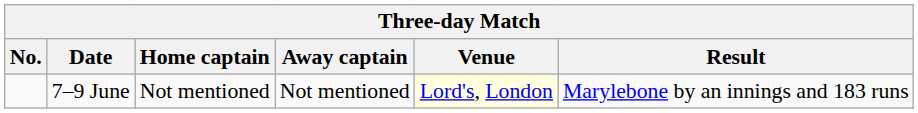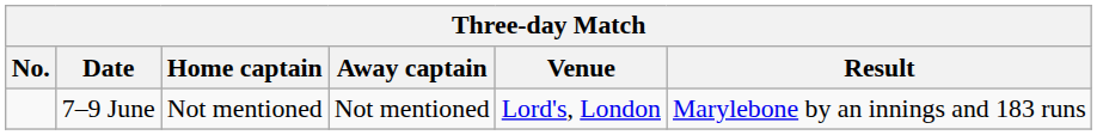 <table class="wikitable">
 <tr>
 <th colspan="9">Three-day Match</th>
 </tr>
 <tr>
 <th>No.</th>
 <th>Date</th>
 <th>Home captain</th>
 <th>Away captain</th>
 <th>Venue</th>
 <th>Result</th>
 </tr>
 <tr>
 <td></td>
 <td>7–9 June</td>
 <td>Not mentioned</td>
 <td>Not mentioned</td>
-<td style="background: lightyellow;"><a href='#'>Lord's</a>, <a href='#'>London</a></td>
+<td><a href='#'>Lord's</a>, <a href='#'>London</a></td>
 <td><a href='#'>Marylebone</a> by an innings and 183 runs</td>
 </tr>
 </table>
